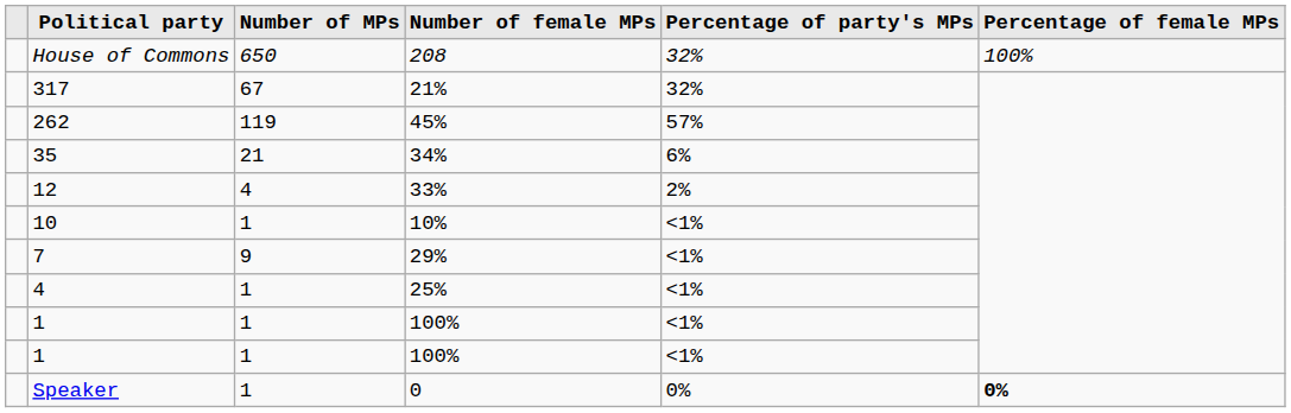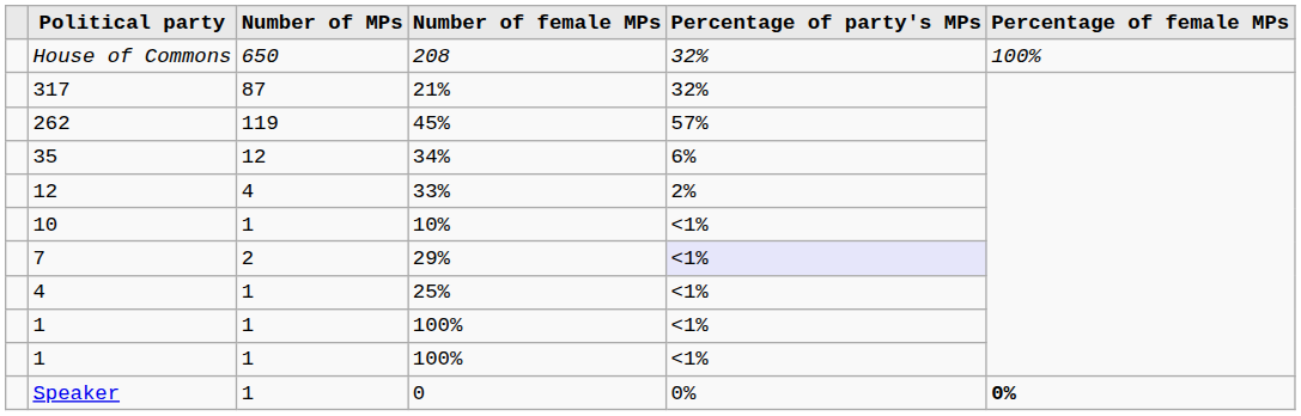 <table class="wikitable sortable">
 <tr>
 <th style="background-color:#E9E9E9" class="unsortable"></th>
 <th style="background-color:#E9E9E9" align=center>Political party<br></th>
 <th style="background-color:#E9E9E9" align=center>Number of MPs</th>
 <th style="background-color:#E9E9E9" align=center>Number of female MPs</th>
 <th style="background-color:#E9E9E9" align=center>Percentage of party's MPs</th>
 <th style="background-color:#E9E9E9" align=center>Percentage of female MPs</th>
 </tr>
 <tr>
 <td></td>
 <td><em>House of Commons</em></td>
 <td><em>650</em></td>
 <td><em>208</em></td>
 <td><em>32%</em></td>
 <td><em>100%</em></td>
 </tr>
 <tr>
 <td></td>
 <td>317</td>
-<td>67</td>
+<td>87</td>
 <td>21%</td>
 <td>32%</td>
 </tr>
 <tr>
 <td></td>
 <td>262</td>
 <td>119</td>
 <td>45%</td>
 <td>57%</td>
 </tr>
 <tr>
 <td></td>
 <td>35</td>
-<td>21</td>
+<td>12</td>
 <td>34%</td>
 <td>6%</td>
 </tr>
 <tr>
 <td></td>
 <td>12</td>
 <td>4</td>
 <td>33%</td>
 <td>2%</td>
 </tr>
 <tr>
 <td></td>
 <td>10</td>
 <td>1</td>
 <td>10%</td>
 <td><1%</td>
 </tr>
 <tr>
 <td></td>
 <td>7</td>
-<td>9</td>
+<td>2</td>
 <td>29%</td>
-<td><1%</td>
+<td style="background: lavender;"><1%</td>
 </tr>
 <tr>
 <td></td>
 <td>4</td>
 <td>1</td>
 <td>25%</td>
 <td><1%</td>
 </tr>
 <tr>
 <td></td>
 <td>1</td>
 <td>1</td>
 <td>100%</td>
 <td><1%</td>
 </tr>
 <tr>
 <td></td>
 <td>1</td>
 <td>1</td>
 <td>100%</td>
 <td><1%</td>
 </tr>
 <tr>
 <td style="background-color:"> </td>
 <td><a href='#'>Speaker</a><br></td>
 <td>1</td>
 <td>0</td>
 <td>0%</td>
 <td><strong>0%</strong></td>
 </tr>
 </table>
